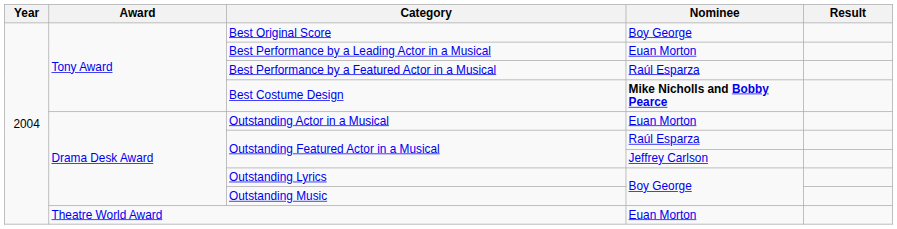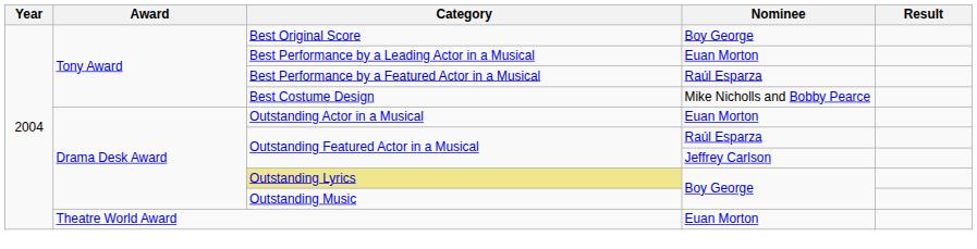 <table class="wikitable" width="95%">
 <tr>
 <th width="5%">Year</th>
 <th width="20%">Award</th>
 <th width="45%">Category</th>
 <th width="20%">Nominee</th>
 <th width="10%">Result</th>
 </tr>
 <tr>
 <td rowspan="10" align="center">2004</td>
 <td rowspan="4"><a href='#'>Tony Award</a></td>
 <td><a href='#'>Best Original Score</a></td>
 <td><a href='#'>Boy George</a></td>
 <td></td>
 </tr>
 <tr>
 <td><a href='#'>Best Performance by a Leading Actor in a Musical</a></td>
 <td><a href='#'>Euan Morton</a></td>
 <td></td>
 </tr>
 <tr>
 <td><a href='#'>Best Performance by a Featured Actor in a Musical</a></td>
 <td><a href='#'>Raúl Esparza</a></td>
 <td></td>
 </tr>
 <tr>
 <td><a href='#'>Best Costume Design</a></td>
-<td><strong>Mike Nicholls and <a href='#'>Bobby Pearce</a></strong></td>
+<td>Mike Nicholls and <a href='#'>Bobby Pearce</a></td>
 <td></td>
 </tr>
 <tr>
 <td rowspan="5"><a href='#'>Drama Desk Award</a></td>
 <td><a href='#'>Outstanding Actor in a Musical</a></td>
 <td><a href='#'>Euan Morton</a></td>
 <td></td>
 </tr>
 <tr>
 <td rowspan="2"><a href='#'>Outstanding Featured Actor in a Musical</a></td>
 <td><a href='#'>Raúl Esparza</a></td>
 <td></td>
 </tr>
 <tr>
 <td><a href='#'>Jeffrey Carlson</a></td>
 <td></td>
 </tr>
 <tr>
-<td><a href='#'>Outstanding Lyrics</a></td>
+<td style="background: khaki;"><a href='#'>Outstanding Lyrics</a></td>
 <td rowspan="2"><a href='#'>Boy George</a></td>
 <td></td>
 </tr>
 <tr>
 <td><a href='#'>Outstanding Music</a></td>
 <td></td>
 </tr>
 <tr>
 <td colspan="2"><a href='#'>Theatre World Award</a></td>
 <td><a href='#'>Euan Morton</a></td>
 <td></td>
 </tr>
 </table>
